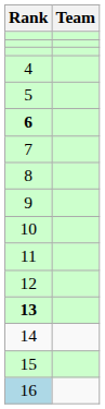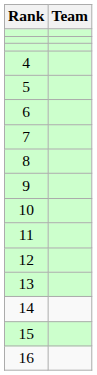 <table class=wikitable style="text-align: center;">
 <tr>
 <th>Rank</th>
 <th>Team</th>
 </tr>
 <tr bgcolor=ccffcc>
 <td></td>
 <td align=left></td>
 </tr>
 <tr bgcolor=ccffcc>
 <td></td>
 <td align=left></td>
 </tr>
 <tr bgcolor=ccffcc>
 <td></td>
 <td align=left></td>
 </tr>
 <tr bgcolor=ccffcc>
 <td>4</td>
 <td align=left></td>
 </tr>
 <tr bgcolor=ccffcc>
 <td>5</td>
 <td align=left></td>
 </tr>
 <tr bgcolor=ccffcc>
-<td><strong>6</strong></td>
+<td>6</td>
 <td align=left></td>
 </tr>
 <tr bgcolor=ccffcc>
 <td>7</td>
 <td align=left></td>
 </tr>
 <tr bgcolor=ccffcc>
 <td>8</td>
 <td align=left></td>
 </tr>
 <tr bgcolor=ccffcc>
 <td>9</td>
 <td align=left></td>
 </tr>
 <tr bgcolor=ccffcc>
 <td>10</td>
 <td align=left></td>
 </tr>
 <tr bgcolor=ccffcc>
 <td>11</td>
 <td align=left></td>
 </tr>
 <tr bgcolor=ccffcc>
 <td>12</td>
 <td align=left></td>
 </tr>
 <tr bgcolor=ccffcc>
-<td><strong>13</strong></td>
+<td>13</td>
 <td align=left></td>
 </tr>
 <tr>
 <td>14</td>
 <td align=left></td>
 </tr>
 <tr bgcolor=ccffcc>
 <td>15</td>
 <td align=left></td>
 </tr>
 <tr>
-<td style="background: lightblue;">16</td>
+<td>16</td>
 <td align=left></td>
 </tr>
 </table>
